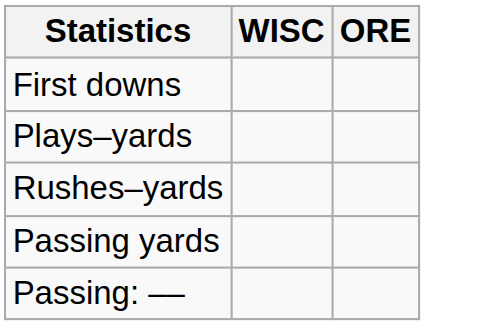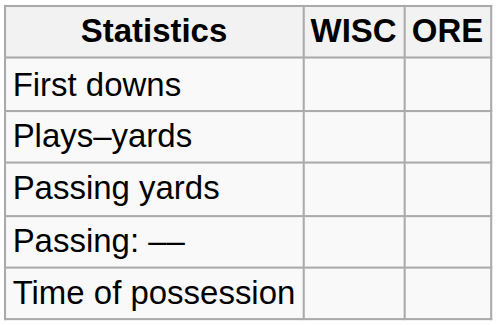 <table class="wikitable" style="float:left">
 <tr>
 <th>Statistics</th>
 <th>WISC</th>
 <th>ORE</th>
 </tr>
 <tr>
 <td>First downs</td>
 <td></td>
 <td></td>
 </tr>
 <tr>
 <td>Plays–yards</td>
 <td></td>
 <td></td>
 </tr>
 <tr>
-<td>Rushes–yards</td>
-<td></td>
-<td></td>
-</tr>
-<tr>
 <td>Passing yards</td>
 <td></td>
 <td></td>
 </tr>
 <tr>
 <td>Passing: ––</td>
 <td></td>
 <td></td>
 </tr>
+<tr>
+<td>Time of possession</td>
+<td></td>
+<td></td>
+</tr>
 </table>
